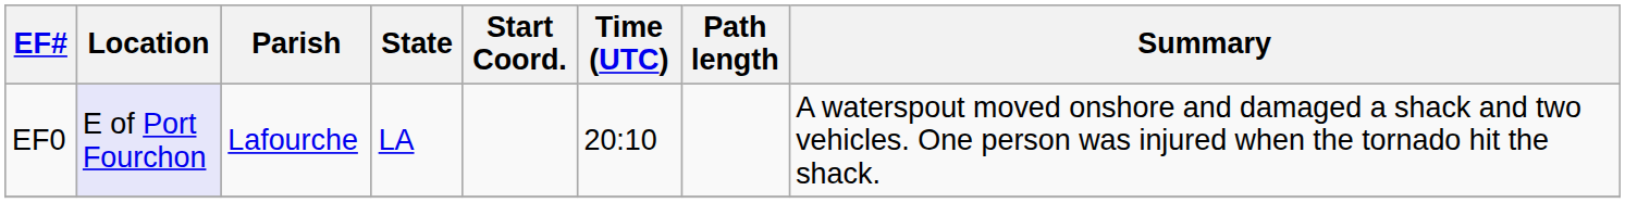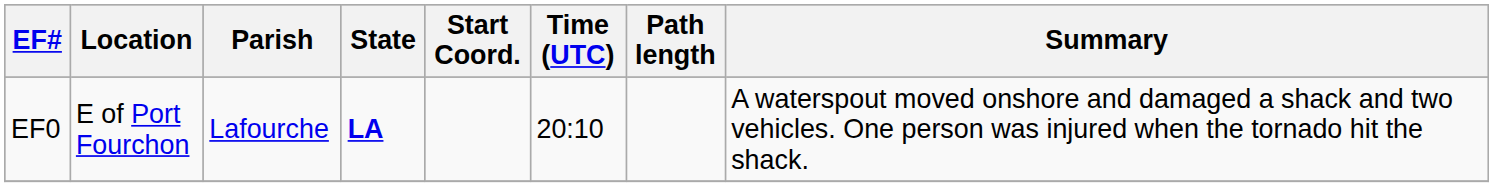 <table class="wikitable sortable" style="width:100%;">
 <tr>
 <th scope="col"  style="width:3%; text-align:center;"><a href='#'>EF#</a></th>
 <th scope="col"  style="width:7%; text-align:center;" class="unsortable">Location</th>
 <th scope="col"  style="width:6%; text-align:center;" class="unsortable">Parish</th>
 <th scope="col"  style="width:5%; text-align:center;">State</th>
 <th scope="col"  style="width:6%; text-align:center;">Start Coord.</th>
 <th scope="col"  style="width:6%; text-align:center;">Time (<a href='#'>UTC</a>)</th>
 <th scope="col"  style="width:6%; text-align:center;">Path length</th>
 <th scope="col" class="unsortable" style="width:48%; text-align:center;">Summary</th>
 </tr>
 <tr>
 <td>EF0</td>
-<td style="background: lavender;">E of <a href='#'>Port Fourchon</a></td>
+<td>E of <a href='#'>Port Fourchon</a></td>
 <td><a href='#'>Lafourche</a></td>
-<td><a href='#'>LA</a></td>
+<td><strong><a href='#'>LA</a></strong></td>
 <td></td>
 <td>20:10</td>
 <td></td>
 <td>A waterspout moved onshore and damaged a shack and two vehicles. One person was injured when the tornado hit the shack.</td>
 </tr>
 <tr>
 </tr>
 </table>
